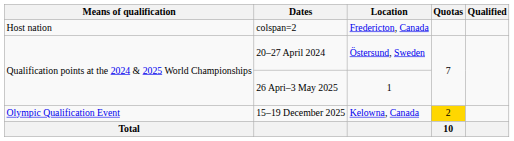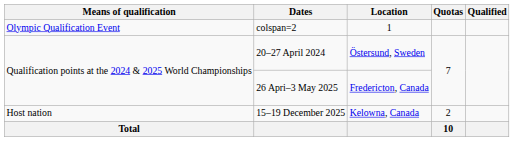 <table class="wikitable">
 <tr>
 <th>Means of qualification</th>
 <th>Dates</th>
 <th>Location</th>
 <th>Quotas</th>
 <th>Qualified</th>
 </tr>
 <tr>
-<td>Host nation</td>
+<td><a href='#'>Olympic Qualification Event</a></td>
 <td>colspan=2 </td>
-<td> <a href='#'>Fredericton</a>, <a href='#'>Canada</a></td>
+<td align=center>1</td>
 <td></td>
 </tr>
 <tr>
 <td rowspan=2>Qualification points at the <a href='#'>2024</a> & <a href='#'>2025</a> World Championships</td>
 <td>20–27 April 2024</td>
 <td> <a href='#'>Östersund</a>, <a href='#'>Sweden</a></td>
 <td rowspan=2 align=center>7</td>
 <td rowspan=2><br><br><br><br><br><br></td>
 </tr>
 <tr>
 <td>26 Apri–3 May 2025</td>
-<td align=center>1</td>
+<td> <a href='#'>Fredericton</a>, <a href='#'>Canada</a></td>
 </tr>
 <tr>
-<td><a href='#'>Olympic Qualification Event</a></td>
+<td>Host nation</td>
 <td>15–19 December 2025</td>
 <td> <a href='#'>Kelowna</a>, <a href='#'>Canada</a></td>
-<td align=center style="background: gold;">2</td>
+<td align=center>2</td>
 <td></td>
 </tr>
 <tr>
 <th>Total</th>
 <th></th>
 <th></th>
 <th>10</th>
 <th></th>
 </tr>
 </table>
